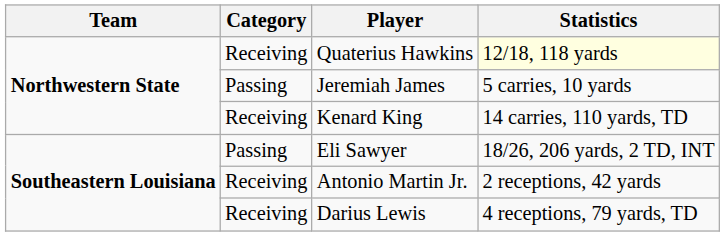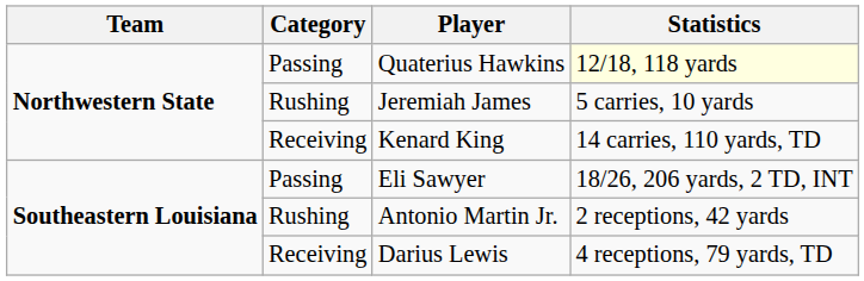 <table class="wikitable" style="float: right;">
 <tr>
 <th>Team</th>
 <th>Category</th>
 <th>Player</th>
 <th>Statistics</th>
 </tr>
 <tr>
 <td rowspan=3><strong>Northwestern State</strong></td>
-<td>Receiving</td>
+<td>Passing</td>
 <td>Quaterius Hawkins</td>
 <td style="background: lightyellow;">12/18, 118 yards</td>
 </tr>
 <tr>
-<td>Passing</td>
+<td>Rushing</td>
 <td>Jeremiah James</td>
 <td>5 carries, 10 yards</td>
 </tr>
 <tr>
 <td>Receiving</td>
 <td>Kenard King</td>
 <td>14 carries, 110 yards, TD</td>
 </tr>
 <tr>
 <td rowspan=3><strong>Southeastern Louisiana</strong></td>
 <td>Passing</td>
 <td>Eli Sawyer</td>
 <td>18/26, 206 yards, 2 TD, INT</td>
 </tr>
 <tr>
-<td>Receiving</td>
+<td>Rushing</td>
 <td>Antonio Martin Jr.</td>
 <td>2 receptions, 42 yards</td>
 </tr>
 <tr>
 <td>Receiving</td>
 <td>Darius Lewis</td>
 <td>4 receptions, 79 yards, TD</td>
 </tr>
 </table>
